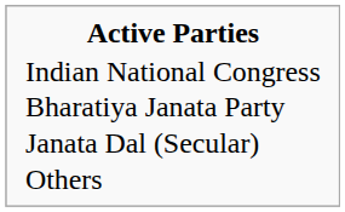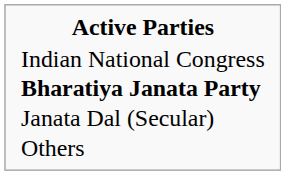 <table class="infobox" style="float; margin-left: 1em; margin-bottom: 0.5em">
 <tr>
 <td style="text-align: center"><span><strong>Active Parties</strong></span></td>
 </tr>
 <tr>
 <td style="padding: 0 5px;"> Indian National Congress</td>
 </tr>
 <tr>
-<td style="padding: 0 5px;"> Bharatiya Janata Party</td>
+<td style="padding: 0 5px;"><strong> Bharatiya Janata Party</strong></td>
 </tr>
 <tr>
 <td style="padding: 0 5px;"> Janata Dal (Secular)</td>
 </tr>
 <tr>
 <td style="padding: 0 5px;"> Others</td>
 </tr>
 </table>
